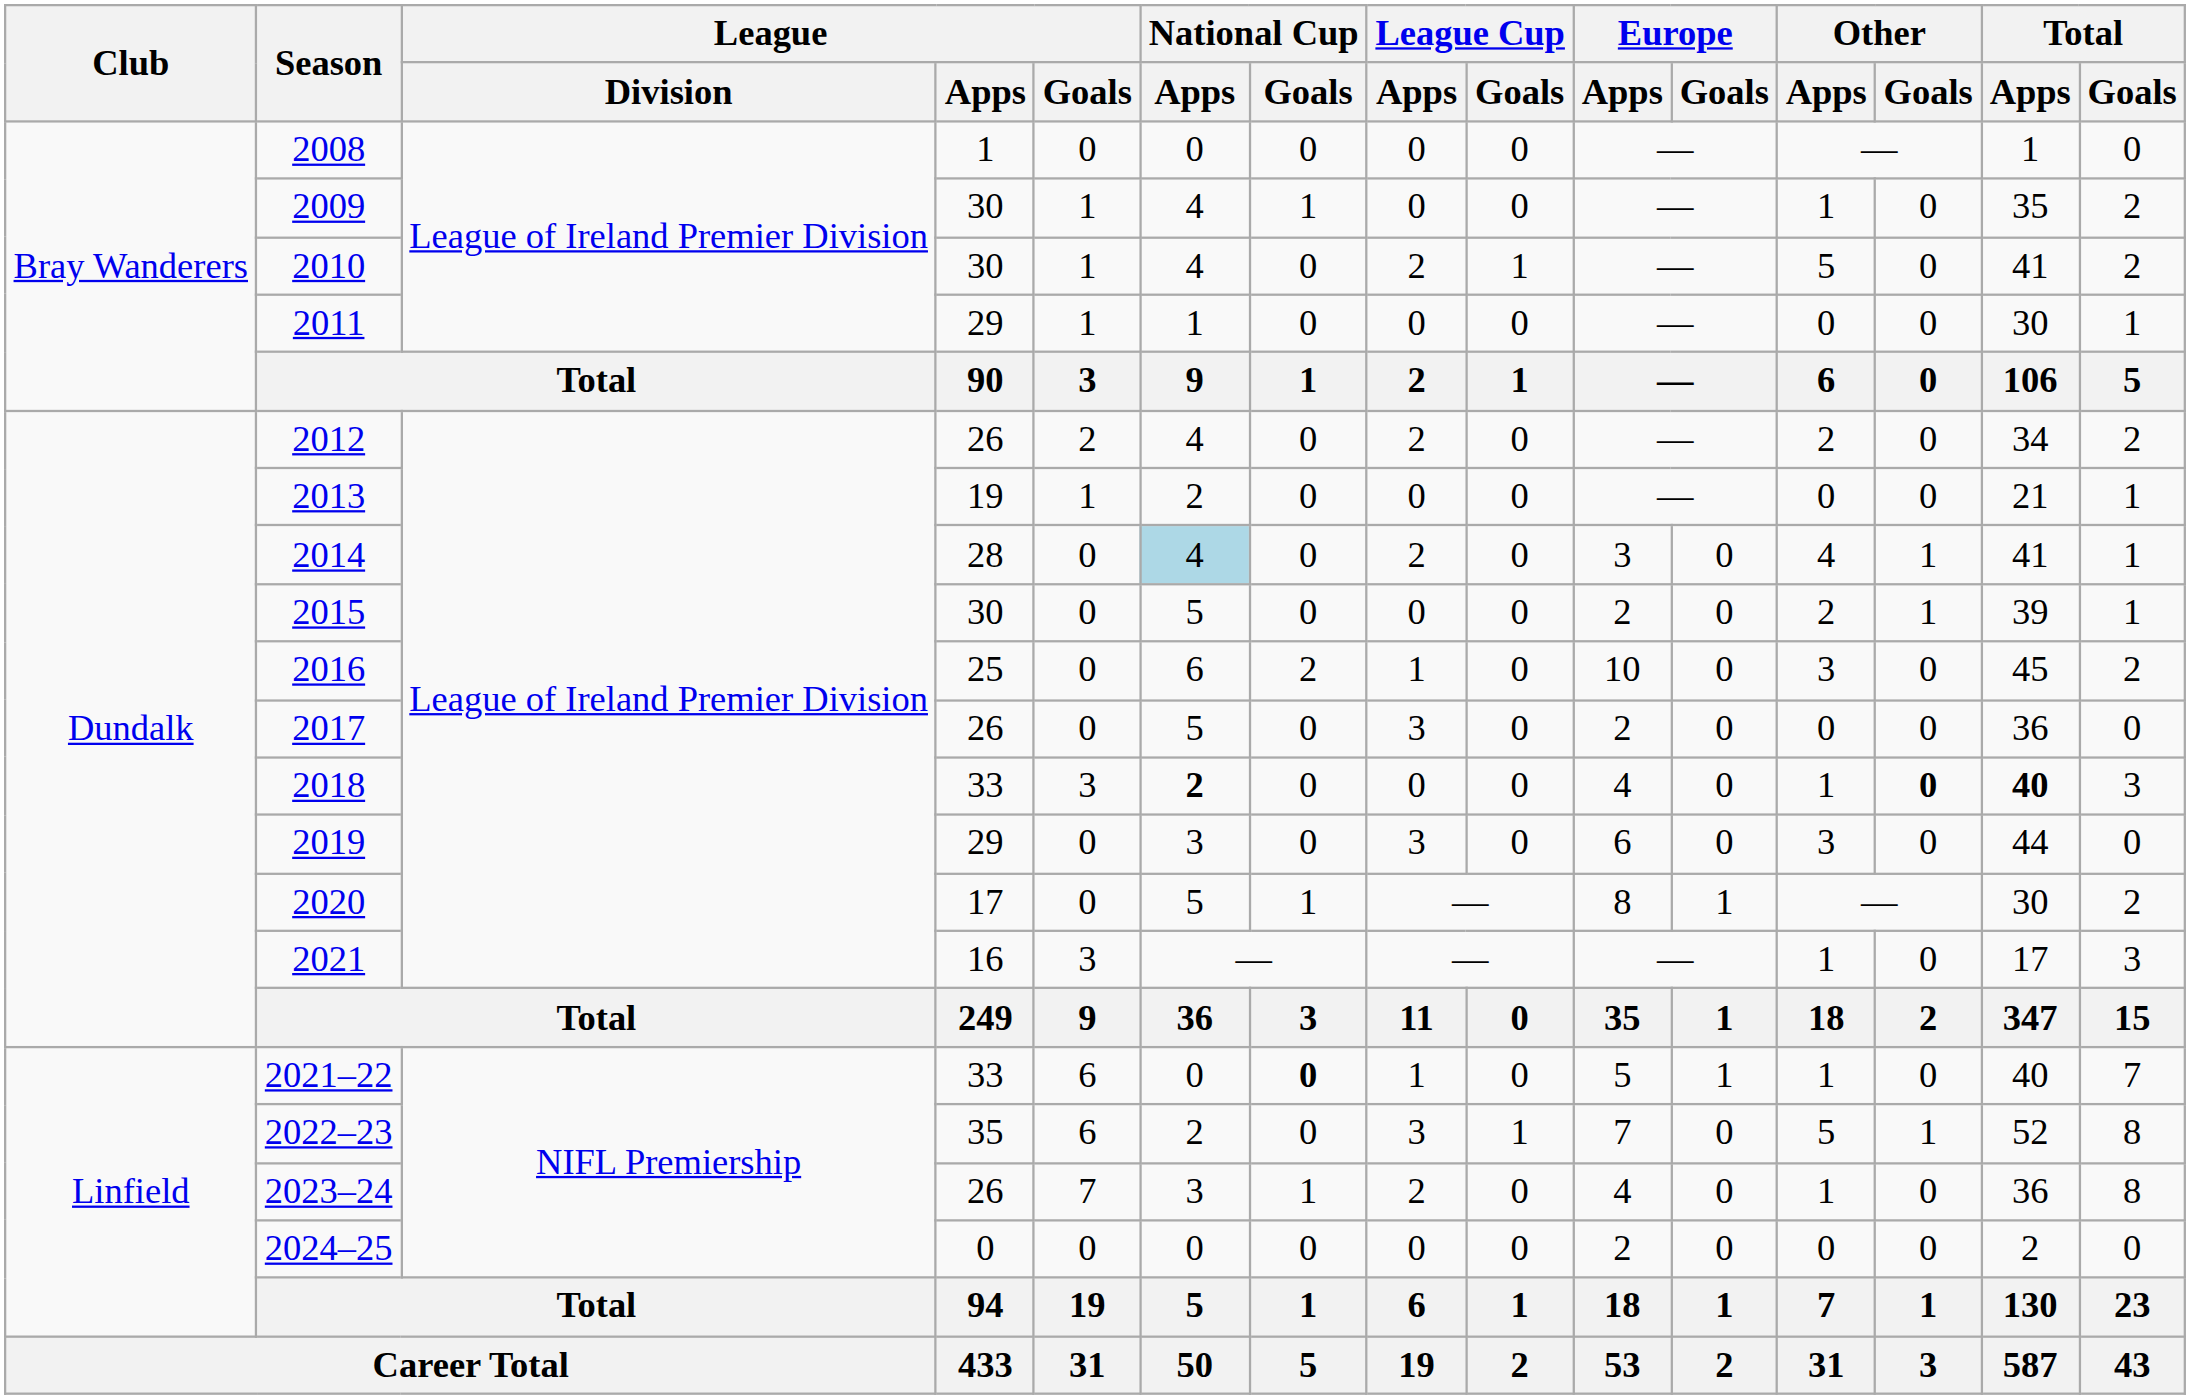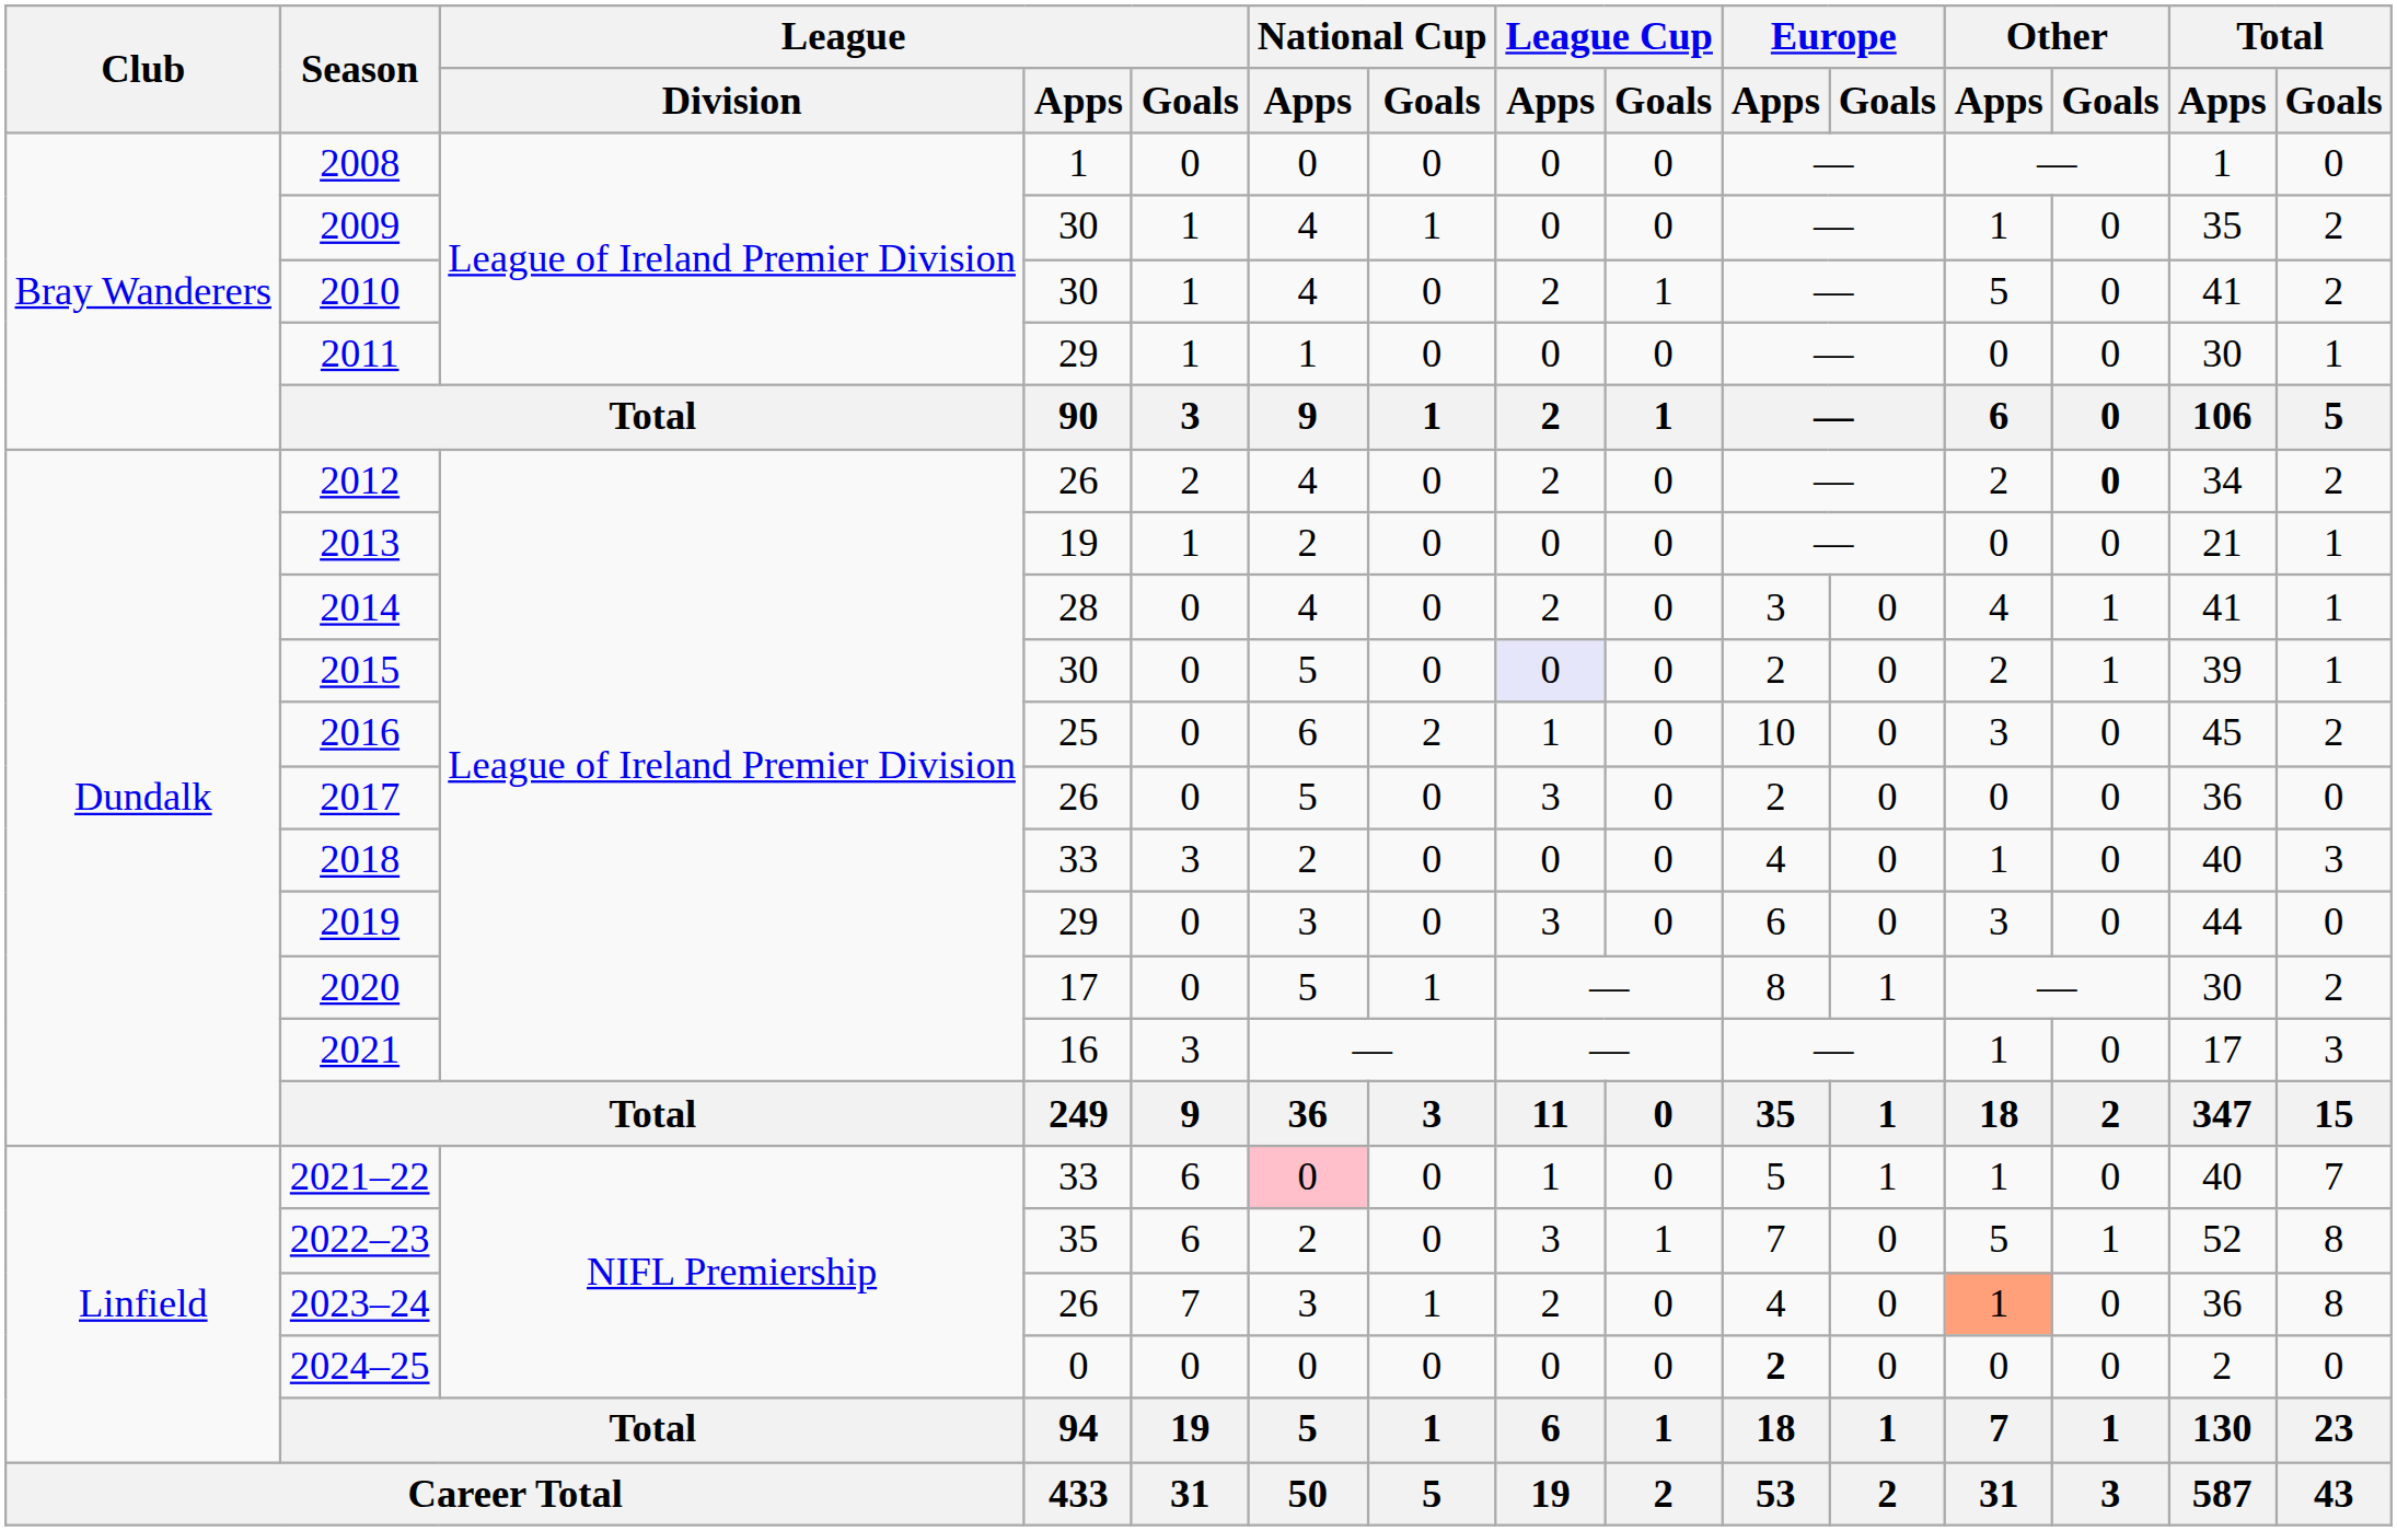 <table class="wikitable" style="text-align:center">
 <tr>
 <th rowspan="2">Club</th>
 <th rowspan="2">Season</th>
 <th colspan="3">League</th>
 <th colspan="2">National Cup</th>
 <th colspan="2"><a href='#'>League Cup</a></th>
 <th colspan="2"><a href='#'>Europe</a></th>
 <th colspan="2">Other</th>
 <th colspan="2">Total</th>
 </tr>
 <tr>
 <th>Division</th>
 <th>Apps</th>
 <th>Goals</th>
 <th>Apps</th>
 <th>Goals</th>
 <th>Apps</th>
 <th>Goals</th>
 <th>Apps</th>
 <th>Goals</th>
 <th>Apps</th>
 <th>Goals</th>
 <th>Apps</th>
 <th>Goals</th>
 </tr>
 <tr>
 <td rowspan="5"><a href='#'>Bray Wanderers</a></td>
 <td><a href='#'>2008</a></td>
 <td rowspan="4"><a href='#'>League of Ireland Premier Division</a></td>
 <td>1</td>
 <td>0</td>
 <td>0</td>
 <td>0</td>
 <td>0</td>
 <td>0</td>
 <td colspan="2">—</td>
 <td colspan="2">—</td>
 <td>1</td>
 <td>0</td>
 </tr>
 <tr>
 <td><a href='#'>2009</a></td>
 <td>30</td>
 <td>1</td>
 <td>4</td>
 <td>1</td>
 <td>0</td>
 <td>0</td>
 <td colspan="2">—</td>
 <td>1</td>
 <td>0</td>
 <td>35</td>
 <td>2</td>
 </tr>
 <tr>
 <td><a href='#'>2010</a></td>
 <td>30</td>
 <td>1</td>
 <td>4</td>
 <td>0</td>
 <td>2</td>
 <td>1</td>
 <td colspan="2">—</td>
 <td>5</td>
 <td>0</td>
 <td>41</td>
 <td>2</td>
 </tr>
 <tr>
 <td><a href='#'>2011</a></td>
 <td>29</td>
 <td>1</td>
 <td>1</td>
 <td>0</td>
 <td>0</td>
 <td>0</td>
 <td colspan="2">—</td>
 <td>0</td>
 <td>0</td>
 <td>30</td>
 <td>1</td>
 </tr>
 <tr>
 <th colspan="2">Total</th>
 <th>90</th>
 <th>3</th>
 <th>9</th>
 <th>1</th>
 <th>2</th>
 <th>1</th>
 <th colspan="2">—</th>
 <th>6</th>
 <th>0</th>
 <th>106</th>
 <th>5</th>
 </tr>
 <tr>
 <td rowspan="11"><a href='#'>Dundalk</a></td>
 <td><a href='#'>2012</a></td>
 <td rowspan="10"><a href='#'>League of Ireland Premier Division</a></td>
 <td>26</td>
 <td>2</td>
 <td>4</td>
 <td>0</td>
 <td>2</td>
 <td>0</td>
 <td colspan="2">—</td>
 <td>2</td>
-<td>0</td>
+<td><strong>0</strong></td>
 <td>34</td>
 <td>2</td>
 </tr>
 <tr>
 <td><a href='#'>2013</a></td>
 <td>19</td>
 <td>1</td>
 <td>2</td>
 <td>0</td>
 <td>0</td>
 <td>0</td>
 <td colspan="2">—</td>
 <td>0</td>
 <td>0</td>
 <td>21</td>
 <td>1</td>
 </tr>
 <tr>
 <td><a href='#'>2014</a></td>
 <td>28</td>
 <td>0</td>
-<td style="background: lightblue;">4</td>
+<td>4</td>
 <td>0</td>
 <td>2</td>
 <td>0</td>
 <td>3</td>
 <td>0</td>
 <td>4</td>
 <td>1</td>
 <td>41</td>
 <td>1</td>
 </tr>
 <tr>
 <td><a href='#'>2015</a></td>
 <td>30</td>
 <td>0</td>
 <td>5</td>
 <td>0</td>
-<td>0</td>
+<td style="background: lavender;">0</td>
 <td>0</td>
 <td>2</td>
 <td>0</td>
 <td>2</td>
 <td>1</td>
 <td>39</td>
 <td>1</td>
 </tr>
 <tr>
 <td><a href='#'>2016</a></td>
 <td>25</td>
 <td>0</td>
 <td>6</td>
 <td>2</td>
 <td>1</td>
 <td>0</td>
 <td>10</td>
 <td>0</td>
 <td>3</td>
 <td>0</td>
 <td>45</td>
 <td>2</td>
 </tr>
 <tr>
 <td><a href='#'>2017</a></td>
 <td>26</td>
 <td>0</td>
 <td>5</td>
 <td>0</td>
 <td>3</td>
 <td>0</td>
 <td>2</td>
 <td>0</td>
 <td>0</td>
 <td>0</td>
 <td>36</td>
 <td>0</td>
 </tr>
 <tr>
 <td><a href='#'>2018</a></td>
 <td>33</td>
 <td>3</td>
-<td><strong>2</strong></td>
+<td>2</td>
 <td>0</td>
 <td>0</td>
 <td>0</td>
 <td>4</td>
 <td>0</td>
 <td>1</td>
-<td><strong>0</strong></td>
-<td><strong>40</strong></td>
+<td>0</td>
+<td>40</td>
 <td>3</td>
 </tr>
 <tr>
 <td><a href='#'>2019</a></td>
 <td>29</td>
 <td>0</td>
 <td>3</td>
 <td>0</td>
 <td>3</td>
 <td>0</td>
 <td>6</td>
 <td>0</td>
 <td>3</td>
 <td>0</td>
 <td>44</td>
 <td>0</td>
 </tr>
 <tr>
 <td><a href='#'>2020</a></td>
 <td>17</td>
 <td>0</td>
 <td>5</td>
 <td>1</td>
 <td colspan="2">—</td>
 <td>8</td>
 <td>1</td>
 <td colspan="2">—</td>
 <td>30</td>
 <td>2</td>
 </tr>
 <tr>
 <td><a href='#'>2021</a></td>
 <td>16</td>
 <td>3</td>
 <td colspan="2">—</td>
 <td colspan="2">—</td>
 <td colspan="2">—</td>
 <td>1</td>
 <td>0</td>
 <td>17</td>
 <td>3</td>
 </tr>
 <tr>
 <th colspan="2">Total</th>
 <th>249</th>
 <th>9</th>
 <th>36</th>
 <th>3</th>
 <th>11</th>
 <th>0</th>
 <th>35</th>
 <th>1</th>
 <th>18</th>
 <th>2</th>
 <th>347</th>
 <th>15</th>
 </tr>
 <tr>
 <td rowspan="5"><a href='#'>Linfield</a></td>
 <td><a href='#'>2021–22</a></td>
 <td rowspan="4"><a href='#'>NIFL Premiership</a></td>
 <td>33</td>
 <td>6</td>
+<td style="background: pink;">0</td>
 <td>0</td>
-<td><strong>0</strong></td>
 <td>1</td>
 <td>0</td>
 <td>5</td>
 <td>1</td>
 <td>1</td>
 <td>0</td>
 <td>40</td>
 <td>7</td>
 </tr>
 <tr>
 <td><a href='#'>2022–23</a></td>
 <td>35</td>
 <td>6</td>
 <td>2</td>
 <td>0</td>
 <td>3</td>
 <td>1</td>
 <td>7</td>
 <td>0</td>
 <td>5</td>
 <td>1</td>
 <td>52</td>
 <td>8</td>
 </tr>
 <tr>
 <td><a href='#'>2023–24</a></td>
 <td>26</td>
 <td>7</td>
 <td>3</td>
 <td>1</td>
 <td>2</td>
 <td>0</td>
 <td>4</td>
 <td>0</td>
-<td>1</td>
+<td style="background: lightsalmon;">1</td>
 <td>0</td>
 <td>36</td>
 <td>8</td>
 </tr>
 <tr>
 <td><a href='#'>2024–25</a></td>
 <td>0</td>
 <td>0</td>
 <td>0</td>
 <td>0</td>
 <td>0</td>
 <td>0</td>
-<td>2</td>
+<td><strong>2</strong></td>
 <td>0</td>
 <td>0</td>
 <td>0</td>
 <td>2</td>
 <td>0</td>
 </tr>
 <tr>
 <th colspan="2">Total</th>
 <th>94</th>
 <th>19</th>
 <th>5</th>
 <th>1</th>
 <th>6</th>
 <th>1</th>
 <th>18</th>
 <th>1</th>
 <th>7</th>
 <th>1</th>
 <th>130</th>
 <th>23</th>
 </tr>
 <tr>
 <th colspan="3">Career Total</th>
 <th>433</th>
 <th>31</th>
 <th>50</th>
 <th>5</th>
 <th>19</th>
 <th>2</th>
 <th>53</th>
 <th>2</th>
 <th>31</th>
 <th>3</th>
 <th>587</th>
 <th>43</th>
 </tr>
 </table>
